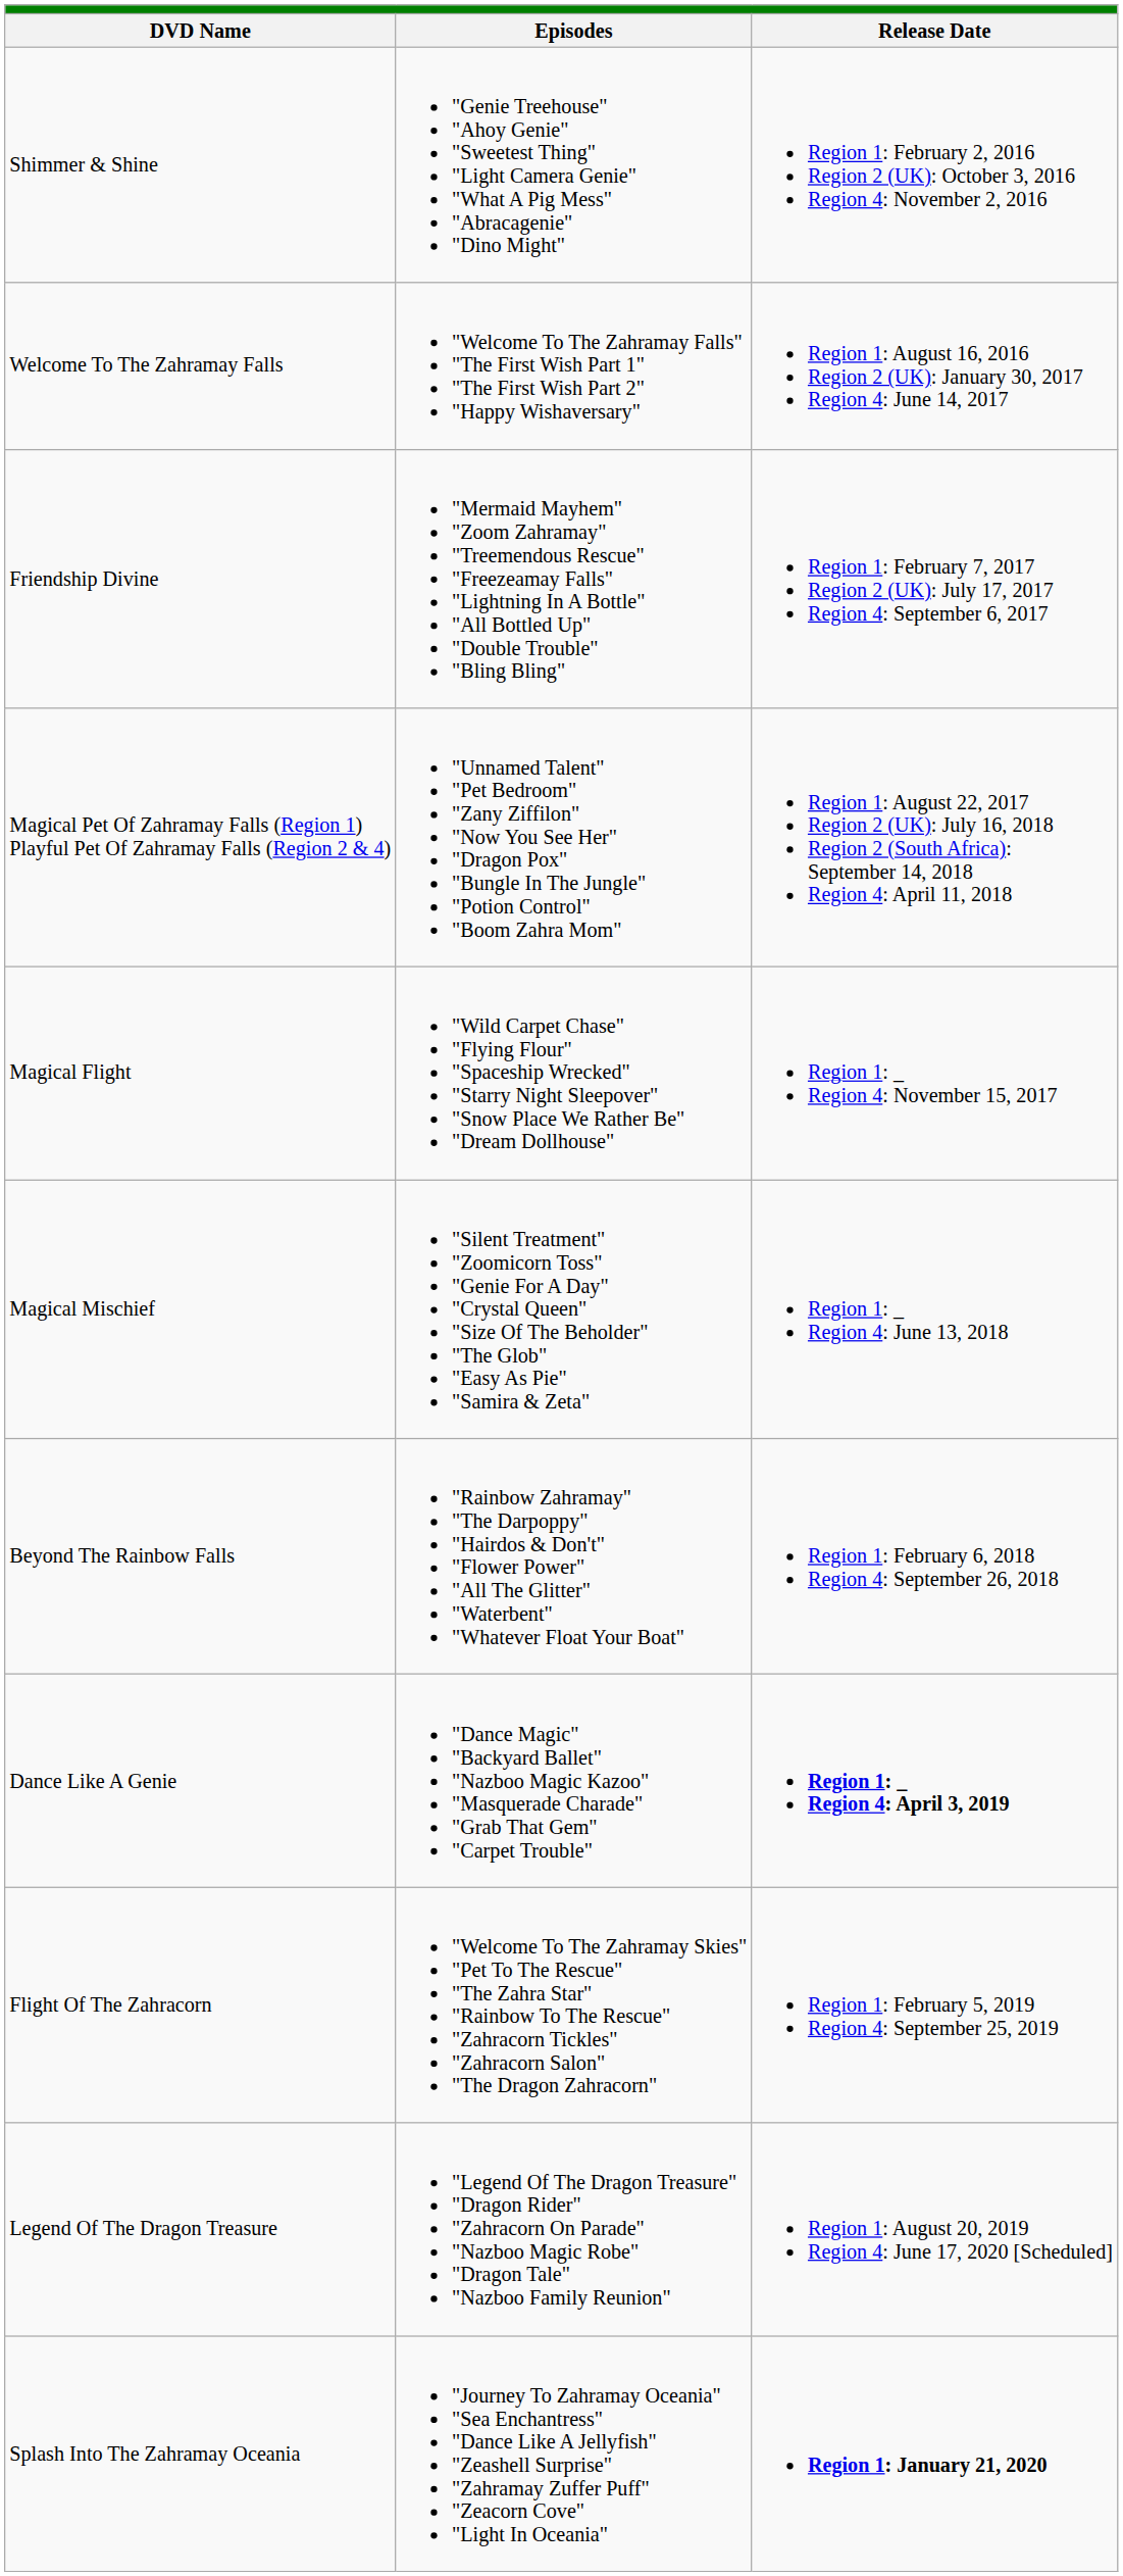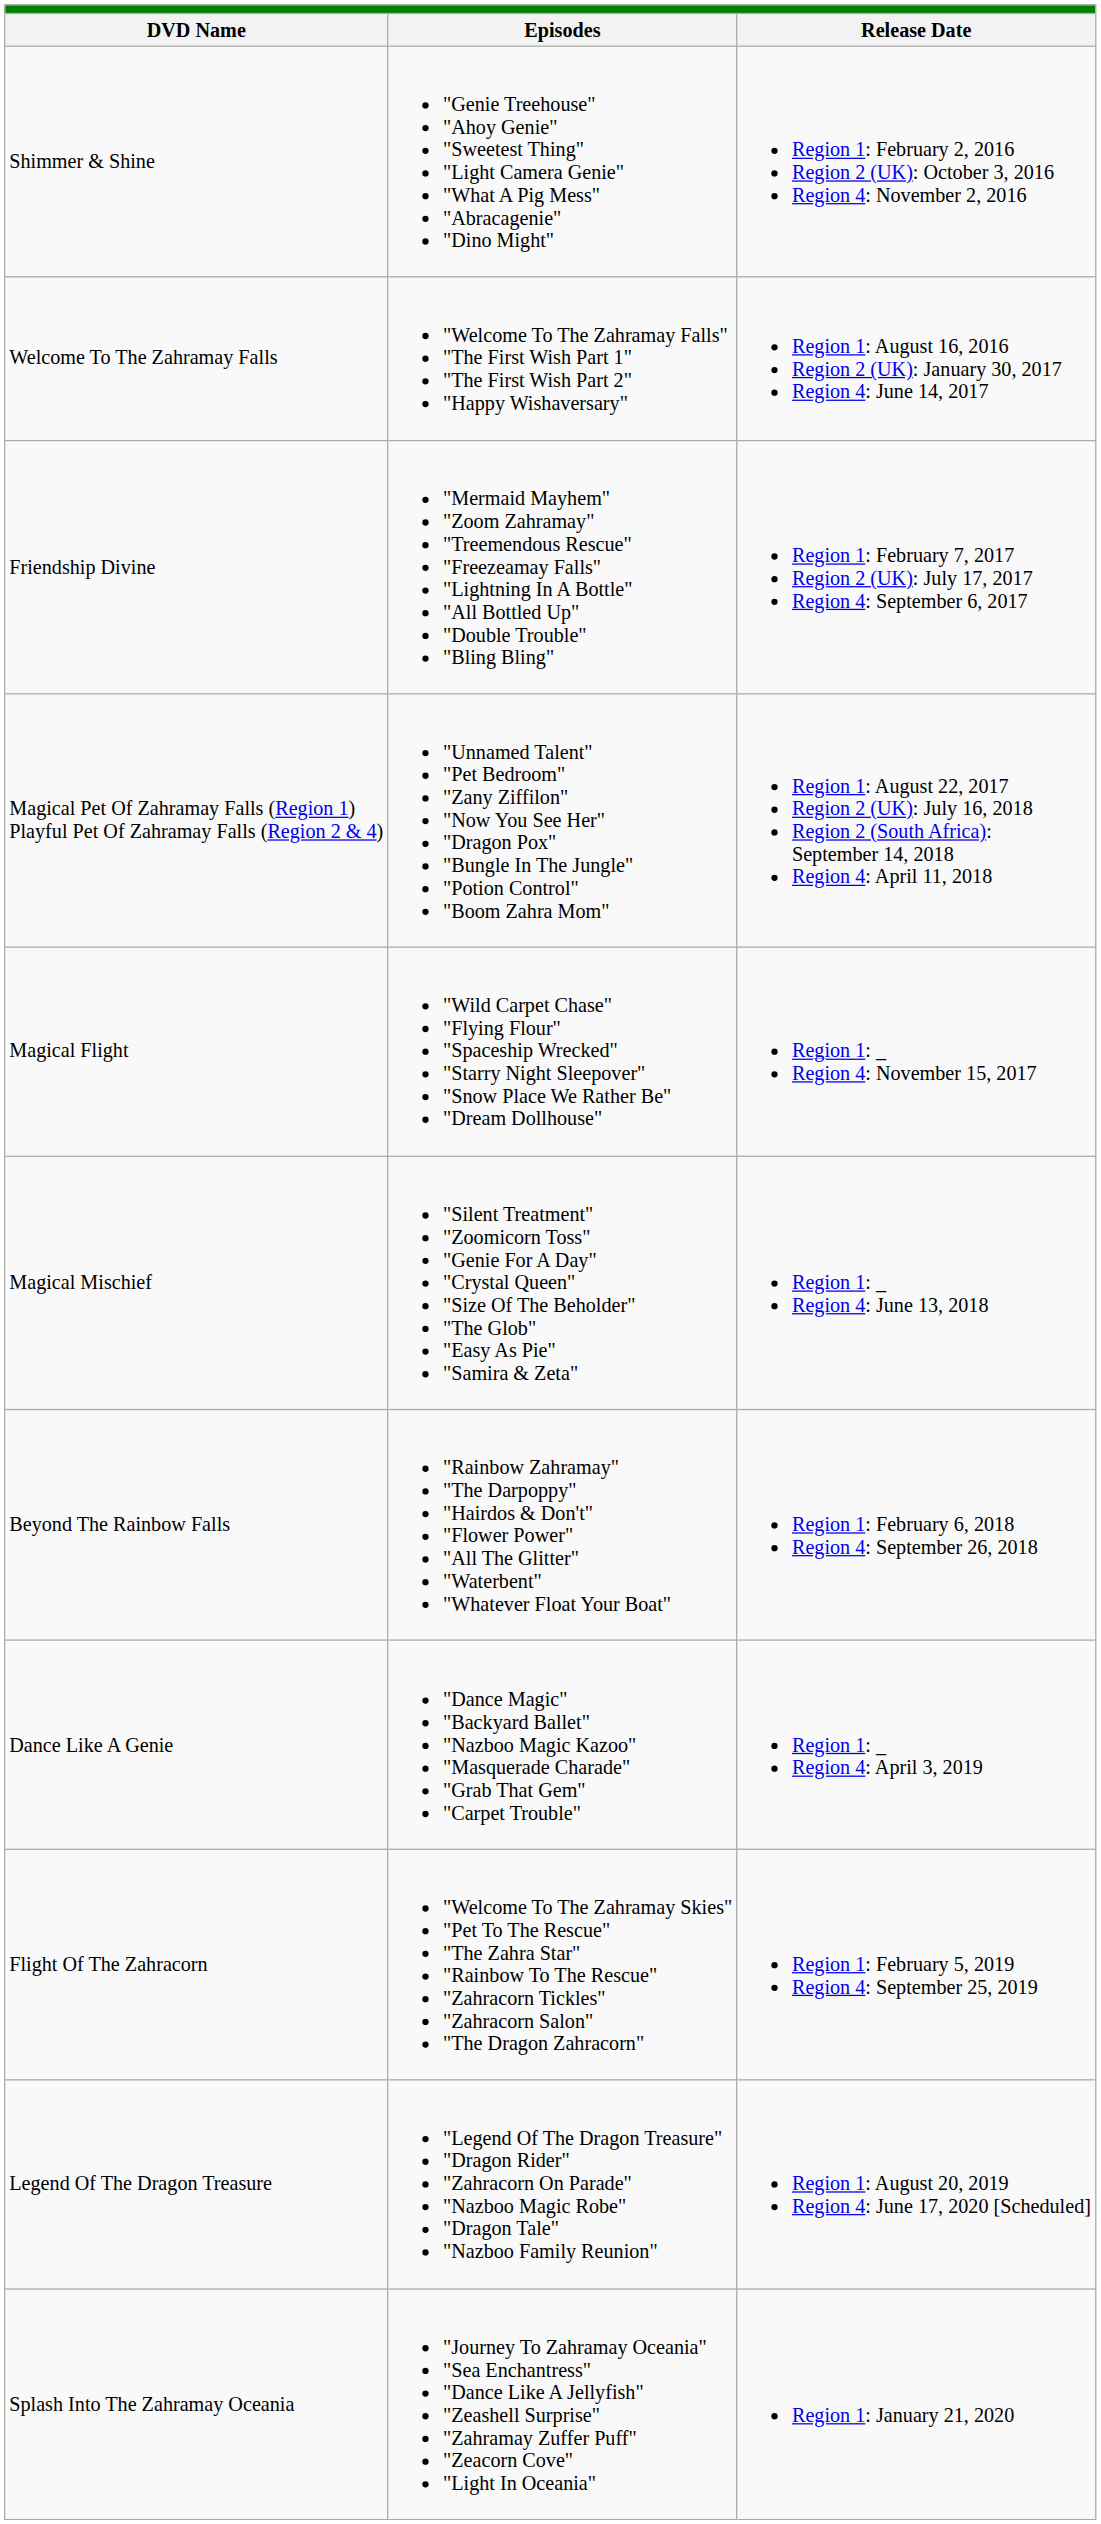 <table class="wikitable" border="1">
 <tr>
 <td colspan="4" style="background:green; color:yellow; font-size:100%" align="center"></td>
 </tr>
 <tr>
 <th>DVD Name</th>
 <th>Episodes</th>
 <th>Release Date</th>
 </tr>
 <tr>
 <td>Shimmer & Shine</td>
 <td><br><ul><li>"Genie Treehouse"</li><li>"Ahoy Genie"</li><li>"Sweetest Thing"</li><li>"Light Camera Genie"</li><li>"What A Pig Mess"</li><li>"Abracagenie"</li><li>"Dino Might"</li></ul></td>
 <td><br><ul><li><a href='#'>Region 1</a>: February 2, 2016 </li><li><a href='#'>Region 2 (UK)</a>: October 3, 2016</li><li><a href='#'>Region 4</a>: November 2, 2016</li></ul></td>
 </tr>
 <tr>
 <td>Welcome To The Zahramay Falls</td>
 <td><br><ul><li>"Welcome To The Zahramay Falls"</li><li>"The First Wish Part 1"</li><li>"The First Wish Part 2"</li><li>"Happy Wishaversary"</li></ul></td>
 <td><br><ul><li><a href='#'>Region 1</a>: August 16, 2016 </li><li><a href='#'>Region 2 (UK)</a>: January 30, 2017 </li><li><a href='#'>Region 4</a>: June 14, 2017</li></ul></td>
 </tr>
 <tr>
 <td>Friendship Divine</td>
 <td><br><ul><li>"Mermaid Mayhem"</li><li>"Zoom Zahramay"</li><li>"Treemendous Rescue"</li><li>"Freezeamay Falls"</li><li>"Lightning In A Bottle"</li><li>"All Bottled Up"</li><li>"Double Trouble"</li><li>"Bling Bling"</li></ul></td>
 <td><br><ul><li><a href='#'>Region 1</a>: February 7, 2017</li><li><a href='#'>Region 2 (UK)</a>: July 17, 2017</li><li><a href='#'>Region 4</a>: September 6, 2017</li></ul></td>
 </tr>
 <tr>
 <td>Magical Pet Of Zahramay Falls (<a href='#'>Region 1</a>)<br>Playful Pet Of Zahramay Falls (<a href='#'>Region 2 & 4</a>)</td>
 <td><br><ul><li>"Unnamed Talent"</li><li>"Pet Bedroom"</li><li>"Zany Ziffilon"</li><li>"Now You See Her"</li><li>"Dragon Pox"</li><li>"Bungle In The Jungle"</li><li>"Potion Control"</li><li>"Boom Zahra Mom"</li></ul></td>
 <td><br><ul><li><a href='#'>Region 1</a>: August 22, 2017</li><li><a href='#'>Region 2 (UK)</a>: July 16, 2018</li><li><a href='#'>Region 2 (South Africa)</a>: <br>September 14, 2018</li><li><a href='#'>Region 4</a>: April 11, 2018</li></ul></td>
 </tr>
 <tr>
 <td>Magical Flight</td>
 <td><br><ul><li>"Wild Carpet Chase"</li><li>"Flying Flour"</li><li>"Spaceship Wrecked"</li><li>"Starry Night Sleepover"</li><li>"Snow Place We Rather Be"</li><li>"Dream Dollhouse"</li></ul></td>
 <td><br><ul><li><a href='#'>Region 1</a>: _</li><li><a href='#'>Region 4</a>: November 15, 2017</li></ul></td>
 </tr>
 <tr>
 <td>Magical Mischief</td>
 <td><br><ul><li>"Silent Treatment"</li><li>"Zoomicorn Toss"</li><li>"Genie For A Day"</li><li>"Crystal Queen"</li><li>"Size Of The Beholder"</li><li>"The Glob"</li><li>"Easy As Pie"</li><li>"Samira & Zeta"</li></ul></td>
 <td><br><ul><li><a href='#'>Region 1</a>: _</li><li><a href='#'>Region 4</a>: June 13, 2018</li></ul></td>
 </tr>
 <tr>
 <td>Beyond The Rainbow Falls</td>
 <td><br><ul><li>"Rainbow Zahramay"</li><li>"The Darpoppy"</li><li>"Hairdos & Don't"</li><li>"Flower Power"</li><li>"All The Glitter"</li><li>"Waterbent"</li><li>"Whatever Float Your Boat"</li></ul></td>
 <td><br><ul><li><a href='#'>Region 1</a>: February 6, 2018</li><li><a href='#'>Region 4</a>: September 26, 2018</li></ul></td>
 </tr>
 <tr>
 <td>Dance Like A Genie</td>
 <td><br><ul><li>"Dance Magic"</li><li>"Backyard Ballet"</li><li>"Nazboo Magic Kazoo"</li><li>"Masquerade Charade"</li><li>"Grab That Gem"</li><li>"Carpet Trouble"</li></ul></td>
-<td><strong><br><ul><li><a href='#'>Region 1</a>: _</li><li><a href='#'>Region 4</a>: April 3, 2019</li></ul></strong></td>
+<td><br><ul><li><a href='#'>Region 1</a>: _</li><li><a href='#'>Region 4</a>: April 3, 2019</li></ul></td>
 </tr>
 <tr>
 <td>Flight Of The Zahracorn</td>
 <td><br><ul><li>"Welcome To The Zahramay Skies"</li><li>"Pet To The Rescue"</li><li>"The Zahra Star"</li><li>"Rainbow To The Rescue"</li><li>"Zahracorn Tickles"</li><li>"Zahracorn Salon"</li><li>"The Dragon Zahracorn"</li></ul></td>
 <td><br><ul><li><a href='#'>Region 1</a>: February 5, 2019</li><li><a href='#'>Region 4</a>: September 25, 2019</li></ul></td>
 </tr>
 <tr>
 <td>Legend Of The Dragon Treasure</td>
 <td><br><ul><li>"Legend Of The Dragon Treasure"</li><li>"Dragon Rider"</li><li>"Zahracorn On Parade"</li><li>"Nazboo Magic Robe"</li><li>"Dragon Tale"</li><li>"Nazboo Family Reunion"</li></ul></td>
 <td><br><ul><li><a href='#'>Region 1</a>: August 20, 2019</li><li><a href='#'>Region 4</a>: June 17, 2020 [Scheduled]</li></ul></td>
 </tr>
 <tr>
 <td>Splash Into The Zahramay Oceania</td>
 <td><br><ul><li>"Journey To Zahramay Oceania"</li><li>"Sea Enchantress"</li><li>"Dance Like A Jellyfish"</li><li>"Zeashell Surprise"</li><li>"Zahramay Zuffer Puff"</li><li>"Zeacorn Cove"</li><li>"Light In Oceania"</li></ul></td>
-<td><strong><br><ul><li><a href='#'>Region 1</a>: January 21, 2020</li></ul></strong></td>
+<td><br><ul><li><a href='#'>Region 1</a>: January 21, 2020</li></ul></td>
 </tr>
 </table>
